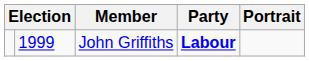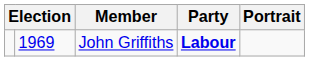 <table class="wikitable">
 <tr>
 <th colspan="2">Election</th>
 <th>Member</th>
 <th>Party</th>
 <th>Portrait</th>
 </tr>
 <tr>
 <td style="background-color: "></td>
-<td><a href='#'>1999</a></td>
+<td><a href='#'>1969</a></td>
 <td><a href='#'>John Griffiths</a></td>
 <td><strong><a href='#'>Labour</a></strong></td>
 <td></td>
 </tr>
 </table>
